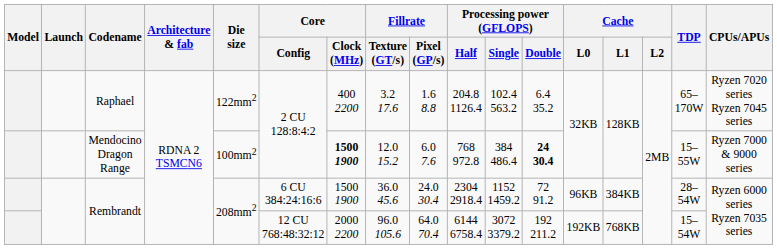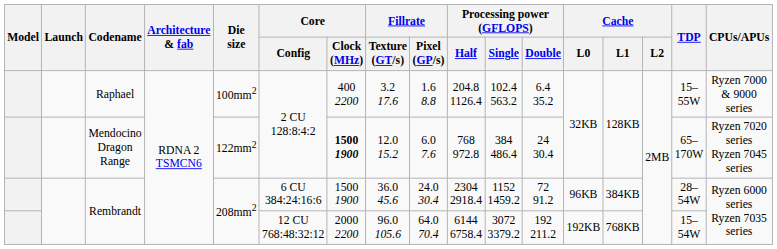 <table class="wikitable" style="text-align: center; font-size: 85%;">
 <tr>
 <th rowspan="2">Model</th>
 <th rowspan="2">Launch</th>
 <th rowspan="2">Codename</th>
 <th rowspan="2"><a href='#'>Architecture</a> <br> & <a href='#'>fab</a></th>
 <th rowspan="2">Die<br>size</th>
 <th colspan="2">Core</th>
 <th colspan="2"><a href='#'>Fillrate</a></th>
 <th colspan="3">Processing power<br>(<a href='#'>GFLOPS</a>)</th>
 <th colspan="3"><a href='#'>Cache</a></th>
 <th rowspan="2"><a href='#'>TDP</a></th>
 <th rowspan="2">CPUs/APUs</th>
 </tr>
 <tr>
 <th>Config</th>
 <th>Clock <br> (<a href='#'>MHz</a>)</th>
 <th>Texture <br> (<a href='#'>GT</a>/s)</th>
 <th>Pixel <br> (<a href='#'>GP</a>/s)</th>
 <th><a href='#'>Half</a></th>
 <th><a href='#'>Single</a></th>
 <th><a href='#'>Double</a></th>
 <th>L0</th>
 <th>L1</th>
 <th>L2</th>
 </tr>
 <tr>
 <th style="text-align:left;"></th>
 <td></td>
 <td>Raphael</td>
 <td rowspan="4">RDNA 2 <br> <a href='#'>TSMC</a><a href='#'>N6</a></td>
-<td>122mm<sup>2</sup></td>
+<td>100mm<sup>2</sup></td>
 <td rowspan="2">2 CU <br> 128:8:4:2</td>
 <td>400 <br> <em>2200</em></td>
 <td>3.2 <br> <em>17.6</em></td>
 <td>1.6 <br> <em>8.8</em></td>
 <td>204.8 <br> 1126.4</td>
 <td>102.4 <br> 563.2</td>
 <td>6.4<br> 35.2</td>
 <td rowspan="2">32KB</td>
 <td rowspan="2">128KB</td>
 <td rowspan="4">2MB</td>
-<td>65–170W</td>
-<td>Ryzen 7020 series <br> Ryzen 7045 series</td>
+<td>15–55W</td>
+<td>Ryzen 7000 & 9000 series</td>
 </tr>
 <tr>
 <th style="text-align:left;"></th>
 <td></td>
 <td>Mendocino <br> Dragon Range</td>
-<td>100mm<sup>2</sup></td>
+<td>122mm<sup>2</sup></td>
 <td><strong>1500 <br> <em>1900</em></strong></td>
 <td>12.0 <br> <em>15.2</em></td>
 <td>6.0 <br> <em>7.6</em></td>
 <td>768 <br> 972.8</td>
 <td>384 <br> 486.4</td>
-<td><strong>24 <br> 30.4</strong></td>
-<td>15–55W</td>
-<td>Ryzen 7000 & 9000 series</td>
+<td>24 <br> 30.4</td>
+<td>65–170W</td>
+<td>Ryzen 7020 series <br> Ryzen 7045 series</td>
 </tr>
 <tr>
 <th style="text-align:left;"></th>
 <td rowspan="2"></td>
 <td rowspan="2">Rembrandt</td>
 <td rowspan="2">208mm<sup>2</sup></td>
 <td>6 CU <br> 384:24:16:6</td>
 <td>1500 <br> <em>1900</em></td>
 <td>36.0 <br> <em>45.6</em></td>
 <td>24.0 <br> <em>30.4</em></td>
 <td>2304 <br> 2918.4</td>
 <td>1152 <br> 1459.2</td>
 <td>72 <br> 91.2</td>
 <td>96KB</td>
 <td>384KB</td>
 <td>28–54W</td>
 <td rowspan="2">Ryzen 6000 series <br> Ryzen 7035 series</td>
 </tr>
 <tr>
 <th style="text-align:left;"></th>
 <td>12 CU <br> 768:48:32:12</td>
 <td>2000 <br> <em>2200</em></td>
 <td>96.0 <br> <em>105.6</em></td>
 <td>64.0 <br> <em>70.4</em></td>
 <td>6144 <br> 6758.4</td>
 <td>3072 <br> 3379.2</td>
 <td>192 <br> 211.2</td>
 <td>192KB</td>
 <td>768KB</td>
 <td>15–54W</td>
 </tr>
 </table>
